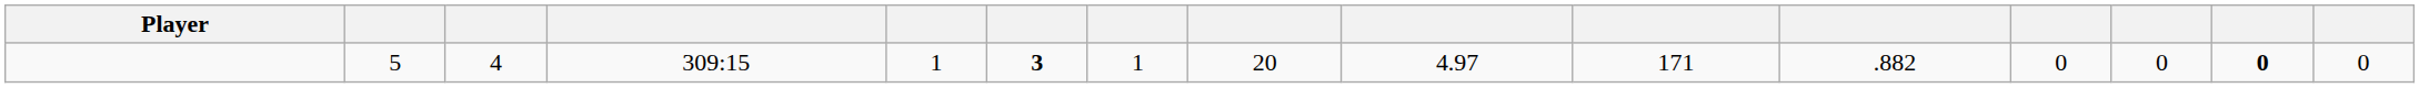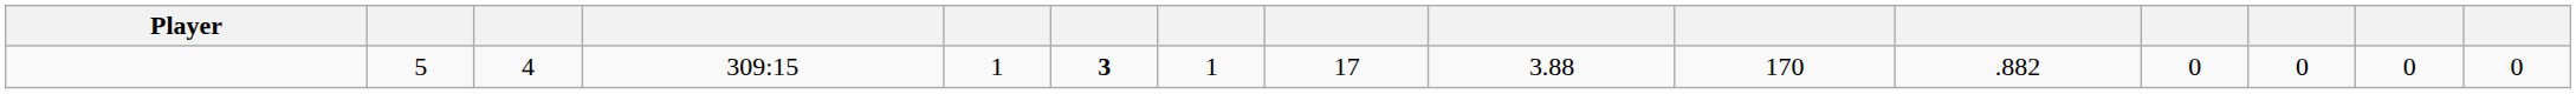 <table class="wikitable sortable" style="width:100%; text-align:center;">
 <tr>
 <th>Player</th>
 <th></th>
 <th></th>
 <th></th>
 <th></th>
 <th></th>
 <th></th>
 <th></th>
 <th></th>
 <th></th>
 <th></th>
 <th></th>
 <th></th>
 <th></th>
 <th></th>
 </tr>
 <tr>
 <td style=white-space:nowrap></td>
 <td>5</td>
 <td>4</td>
 <td>309:15</td>
 <td>1</td>
 <td><strong>3</strong></td>
 <td>1</td>
-<td>20</td>
-<td>4.97</td>
-<td>171</td>
+<td>17</td>
+<td>3.88</td>
+<td>170</td>
 <td>.882</td>
 <td>0</td>
 <td>0</td>
-<td><strong>0</strong></td>
+<td>0</td>
 <td>0</td>
 </tr>
 </table>
